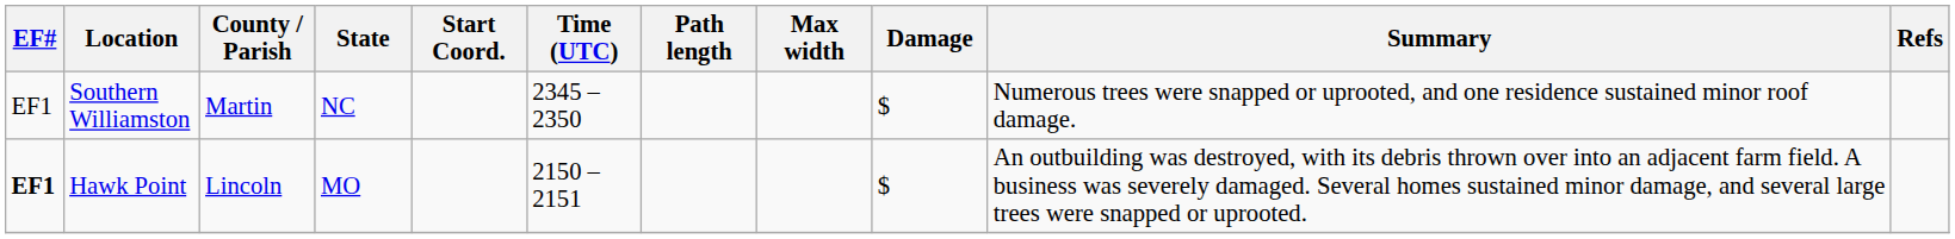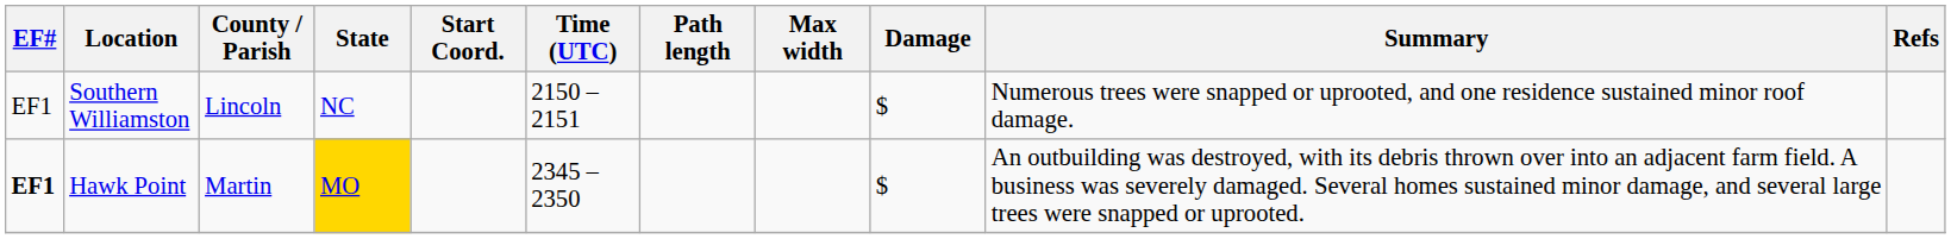 <table class="wikitable sortable" style="width:100%;">
 <tr>
 <th scope="col" width="3%" align="center"><a href='#'>EF#</a></th>
 <th scope="col" width="7%" align="center" class="unsortable">Location</th>
 <th scope="col" width="6%" align="center" class="unsortable">County / Parish</th>
 <th scope="col" width="5%" align="center">State</th>
 <th scope="col" width="6%" align="center">Start Coord.</th>
 <th scope="col" width="6%" align="center">Time (<a href='#'>UTC</a>)</th>
 <th scope="col" width="6%" align="center">Path length</th>
 <th scope="col" width="6%" align="center">Max width</th>
 <th scope="col" width="6%" align="center">Damage</th>
 <th scope="col" width="48%" class="unsortable" align="center">Summary</th>
 <th scope="col" width="48%" class="unsortable" align="center">Refs</th>
 </tr>
 <tr>
 <td>EF1</td>
 <td><a href='#'>Southern Williamston</a></td>
-<td><a href='#'>Martin</a></td>
+<td><a href='#'>Lincoln</a></td>
 <td><a href='#'>NC</a></td>
 <td></td>
-<td>2345 – 2350</td>
+<td>2150 – 2151</td>
 <td></td>
 <td></td>
 <td>$</td>
 <td>Numerous trees were snapped or uprooted, and one residence sustained minor roof damage.</td>
 <td></td>
 </tr>
 <tr>
 <td><strong>EF1</strong></td>
 <td><a href='#'>Hawk Point</a></td>
-<td><a href='#'>Lincoln</a></td>
-<td><a href='#'>MO</a></td>
+<td><a href='#'>Martin</a></td>
+<td style="background: gold;"><a href='#'>MO</a></td>
 <td></td>
-<td>2150 – 2151</td>
+<td>2345 – 2350</td>
 <td></td>
 <td></td>
 <td>$</td>
 <td>An outbuilding was destroyed, with its debris thrown over  into an adjacent farm field. A business was severely damaged. Several homes sustained minor damage, and several large trees were snapped or uprooted.</td>
 <td></td>
 </tr>
 <tr>
 </tr>
 </table>
